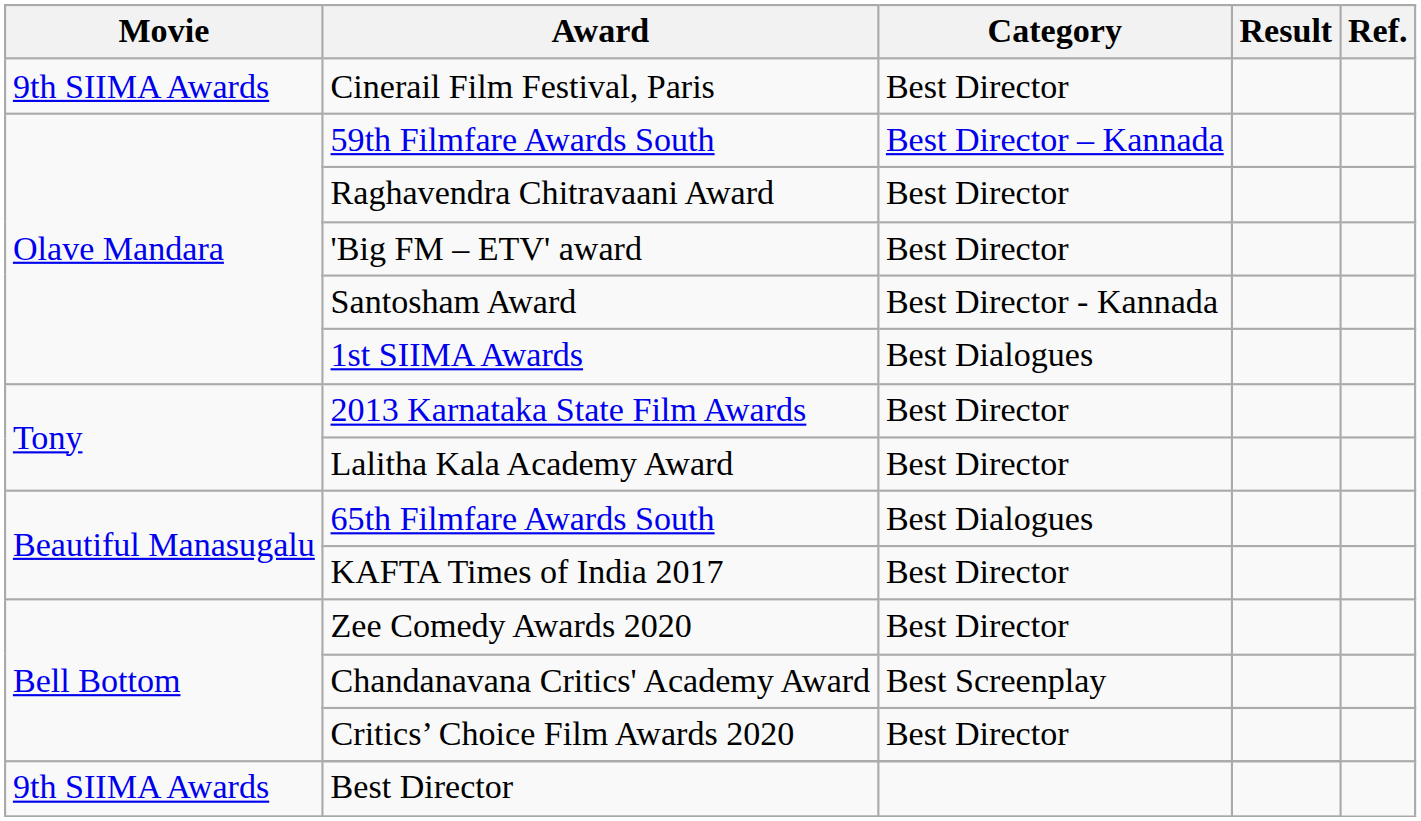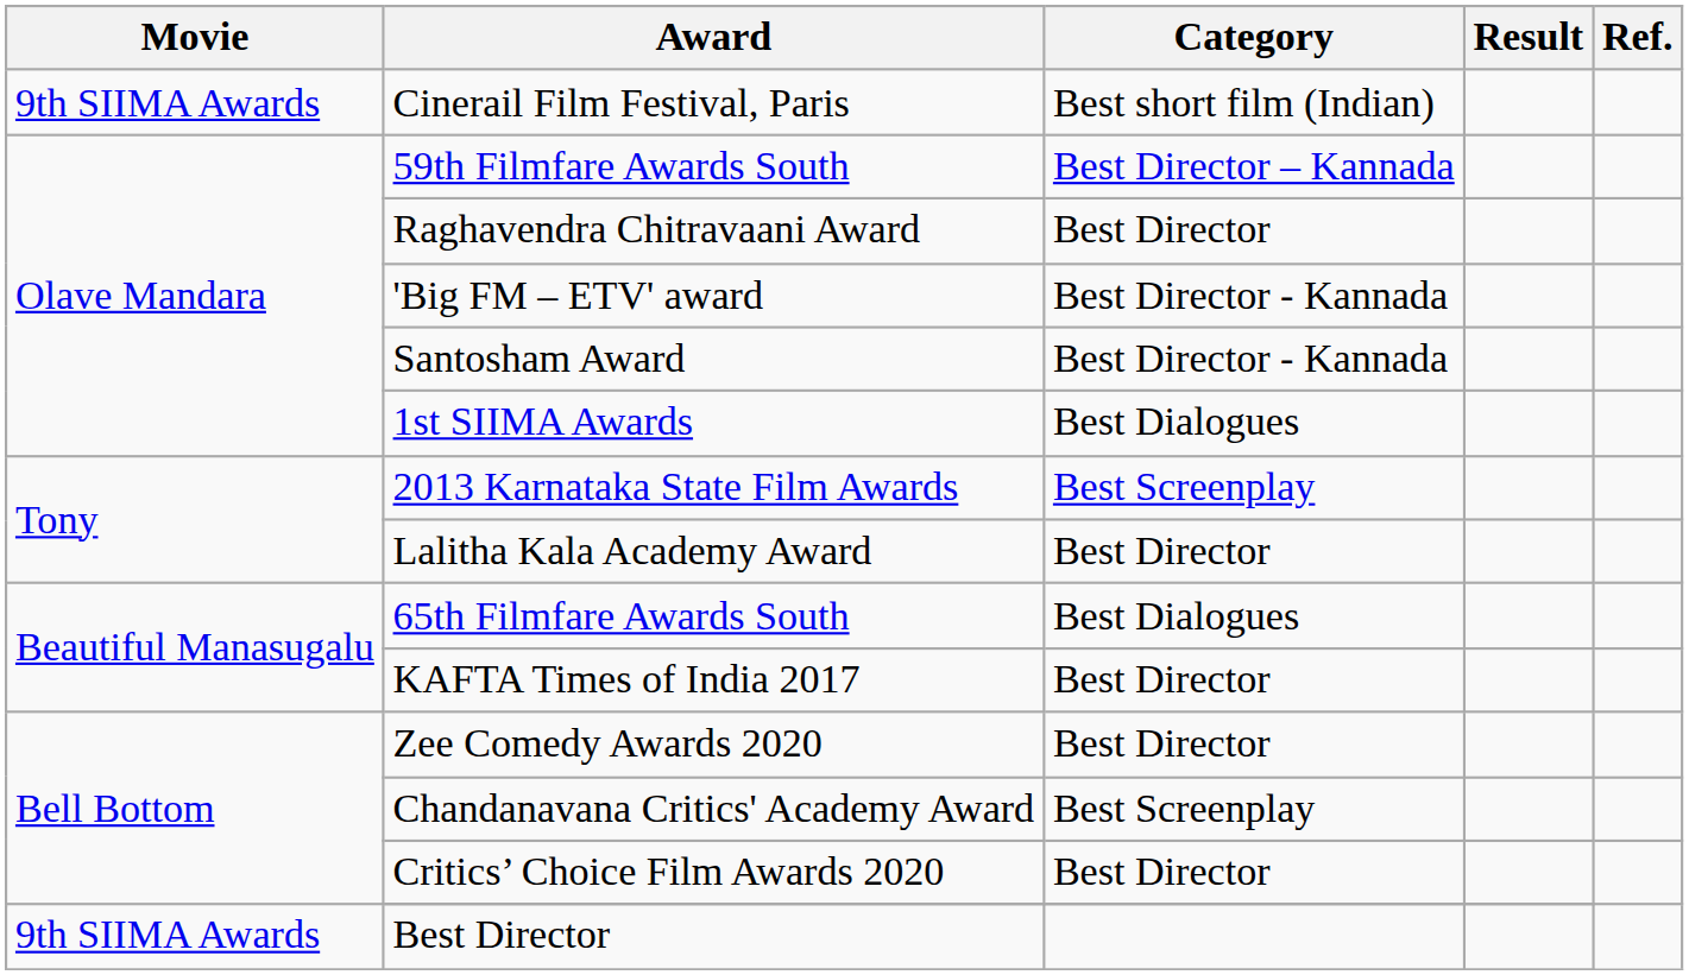 <table class="wikitable sortable">
 <tr>
 <th>Movie</th>
 <th>Award</th>
 <th>Category</th>
 <th>Result</th>
 <th>Ref.</th>
 </tr>
 <tr>
 <td><a href='#'>9th SIIMA Awards</a></td>
 <td>Cinerail Film Festival, Paris</td>
-<td>Best Director</td>
+<td>Best short film (Indian)</td>
 <td></td>
 <td></td>
 </tr>
 <tr>
 <td rowspan=5><a href='#'>Olave Mandara</a></td>
 <td><a href='#'>59th Filmfare Awards South</a></td>
 <td><a href='#'>Best Director – Kannada</a></td>
 <td></td>
 <td></td>
 </tr>
 <tr>
 <td>Raghavendra Chitravaani Award</td>
 <td>Best Director</td>
 <td></td>
 <td></td>
 </tr>
 <tr>
 <td>'Big FM – ETV' award</td>
-<td>Best Director</td>
+<td>Best Director - Kannada</td>
 <td></td>
 <td></td>
 </tr>
 <tr>
 <td>Santosham Award</td>
 <td>Best Director - Kannada</td>
 <td></td>
 <td></td>
 </tr>
 <tr>
 <td><a href='#'>1st SIIMA Awards</a></td>
 <td>Best Dialogues</td>
 <td></td>
 <td></td>
 </tr>
 <tr>
 <td rowspan=2><a href='#'>Tony</a></td>
 <td><a href='#'>2013 Karnataka State Film Awards</a></td>
-<td>Best Director</td>
+<td><a href='#'>Best Screenplay</a></td>
 <td></td>
 <td></td>
 </tr>
 <tr>
 <td>Lalitha Kala Academy Award</td>
 <td>Best Director</td>
 <td></td>
 <td></td>
 </tr>
 <tr>
 <td rowspan=2><a href='#'>Beautiful Manasugalu</a></td>
 <td><a href='#'>65th Filmfare Awards South</a></td>
 <td>Best Dialogues</td>
 <td></td>
 <td></td>
 </tr>
 <tr>
 <td>KAFTA Times of India 2017</td>
 <td>Best Director</td>
 <td></td>
 <td></td>
 </tr>
 <tr>
 <td rowspan=4><a href='#'>Bell Bottom</a></td>
 <td>Zee Comedy Awards 2020</td>
 <td>Best Director</td>
 <td></td>
 <td></td>
 </tr>
 <tr>
 <td>Chandanavana Critics' Academy Award</td>
 <td>Best Screenplay</td>
 <td></td>
 <td></td>
 </tr>
 <tr>
 <td>Critics’ Choice Film Awards 2020</td>
 <td>Best Director</td>
 <td></td>
 <td></td>
 </tr>
 <tr>
 </tr>
 <tr>
 <td><a href='#'>9th SIIMA Awards</a></td>
 <td>Best Director</td>
 <td></td>
 <td></td>
 </tr>
 <tr>
 </tr>
 </table>
